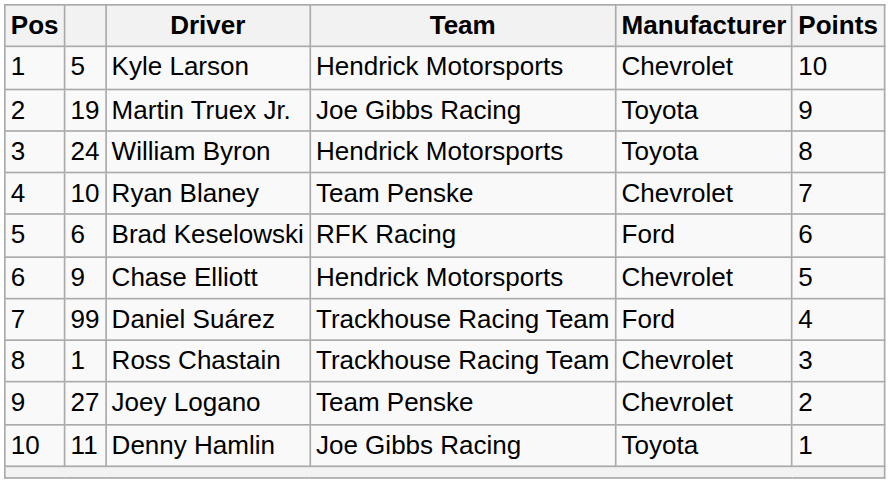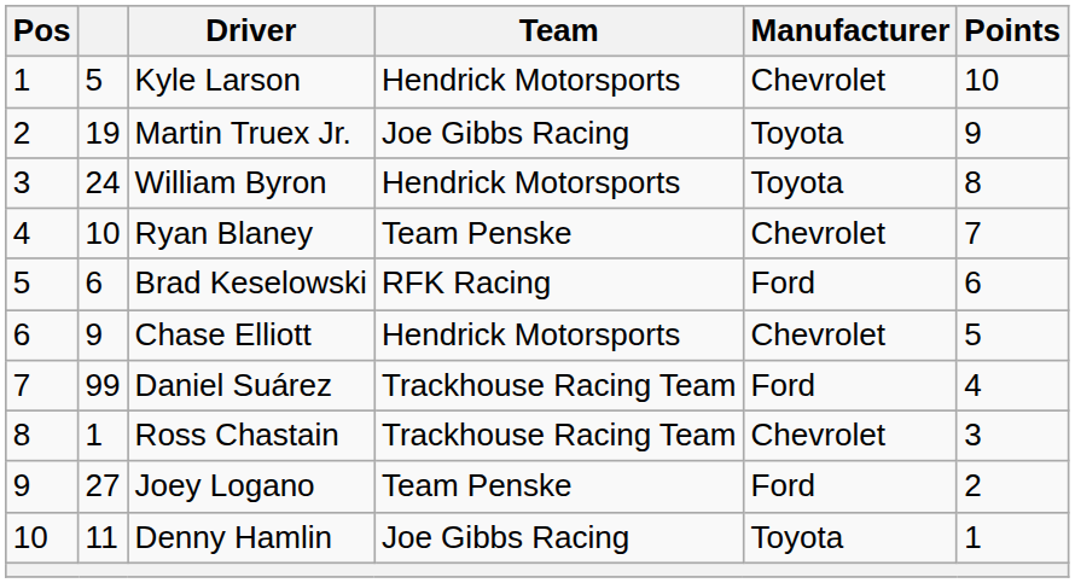 <table class="wikitable" style="font-size:98%">
 <tr>
 <th>Pos</th>
 <th></th>
 <th>Driver</th>
 <th>Team</th>
 <th>Manufacturer</th>
 <th>Points</th>
 </tr>
 <tr>
 <td>1</td>
 <td>5</td>
 <td>Kyle Larson</td>
 <td>Hendrick Motorsports</td>
 <td>Chevrolet</td>
 <td>10</td>
 </tr>
 <tr>
 <td>2</td>
 <td>19</td>
 <td>Martin Truex Jr.</td>
 <td>Joe Gibbs Racing</td>
 <td>Toyota</td>
 <td>9</td>
 </tr>
 <tr>
 <td>3</td>
 <td>24</td>
 <td>William Byron</td>
 <td>Hendrick Motorsports</td>
 <td>Toyota</td>
 <td>8</td>
 </tr>
 <tr>
 <td>4</td>
 <td>10</td>
 <td>Ryan Blaney</td>
 <td>Team Penske</td>
 <td>Chevrolet</td>
 <td>7</td>
 </tr>
 <tr>
 <td>5</td>
 <td>6</td>
 <td>Brad Keselowski</td>
 <td>RFK Racing</td>
 <td>Ford</td>
 <td>6</td>
 </tr>
 <tr>
 <td>6</td>
 <td>9</td>
 <td>Chase Elliott</td>
 <td>Hendrick Motorsports</td>
 <td>Chevrolet</td>
 <td>5</td>
 </tr>
 <tr>
 <td>7</td>
 <td>99</td>
 <td>Daniel Suárez</td>
 <td>Trackhouse Racing Team</td>
 <td>Ford</td>
 <td>4</td>
 </tr>
 <tr>
 <td>8</td>
 <td>1</td>
 <td>Ross Chastain</td>
 <td>Trackhouse Racing Team</td>
 <td>Chevrolet</td>
 <td>3</td>
 </tr>
 <tr>
 <td>9</td>
 <td>27</td>
 <td>Joey Logano</td>
 <td>Team Penske</td>
-<td>Chevrolet</td>
+<td>Ford</td>
 <td>2</td>
 </tr>
 <tr>
 <td>10</td>
 <td>11</td>
 <td>Denny Hamlin</td>
 <td>Joe Gibbs Racing</td>
 <td>Toyota</td>
 <td>1</td>
 </tr>
 <tr>
 <th colspan="6"></th>
 </tr>
 </table>
